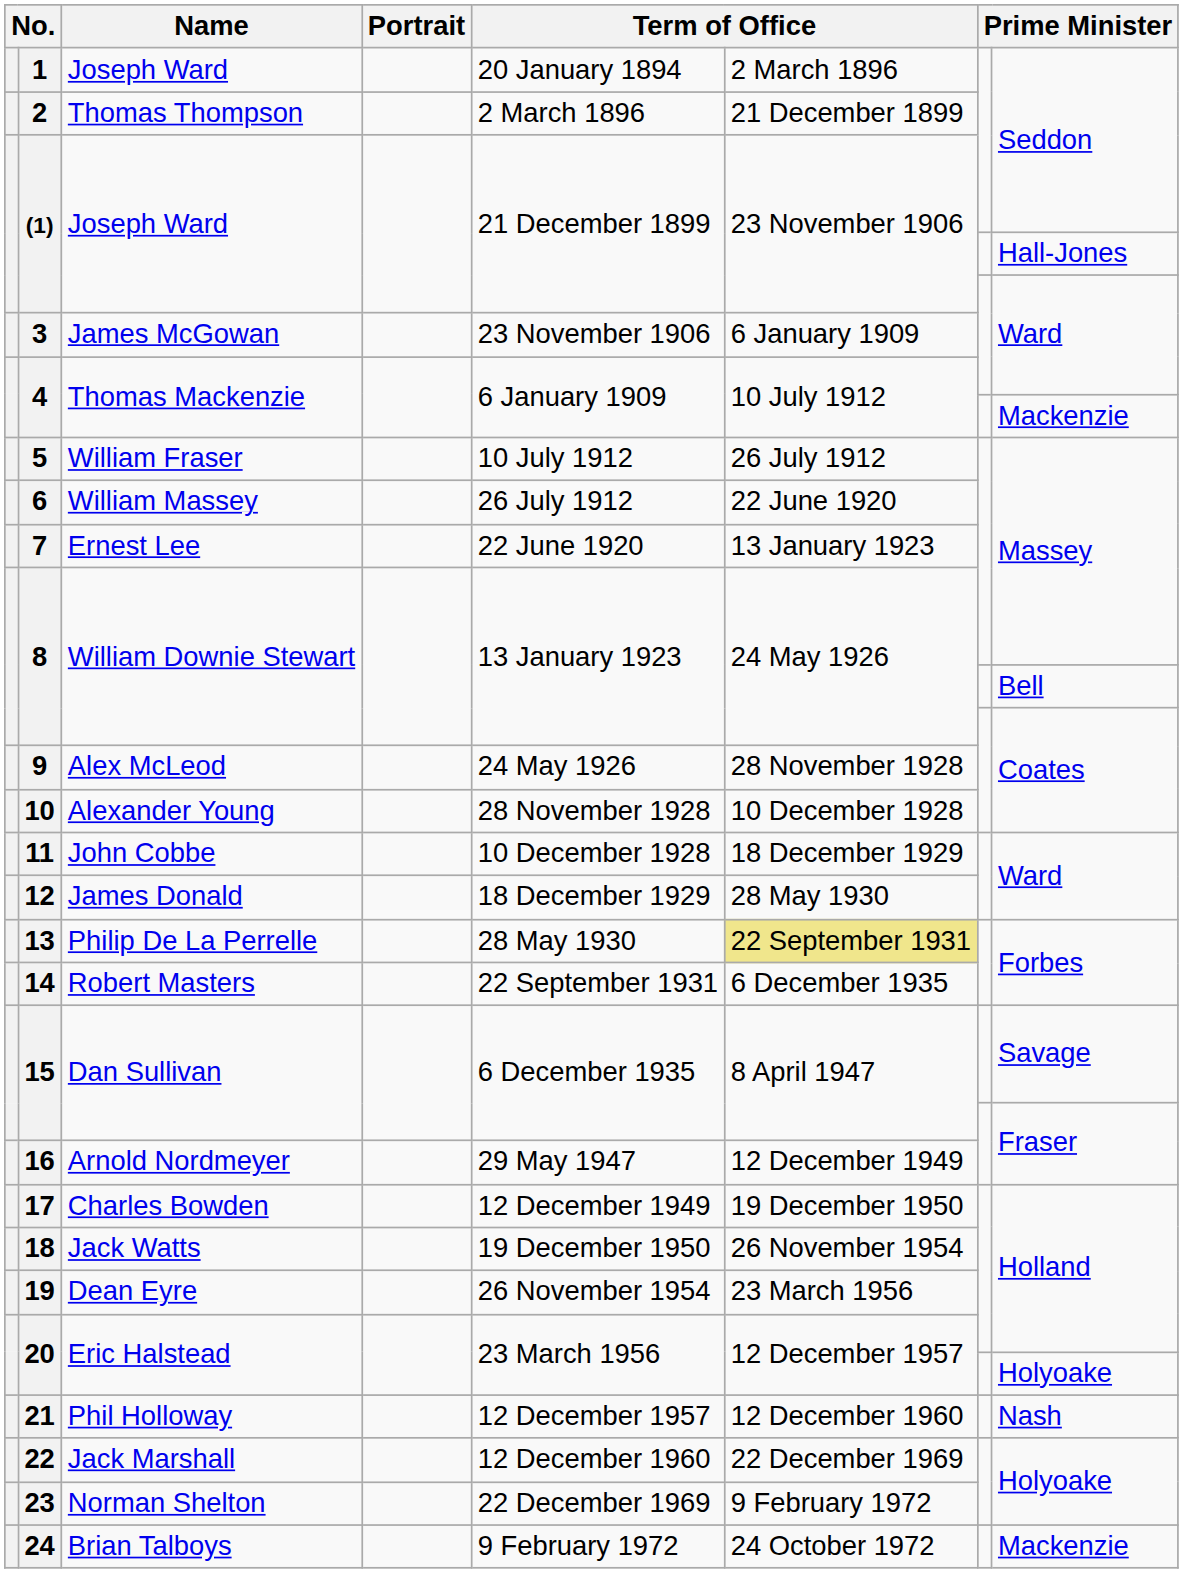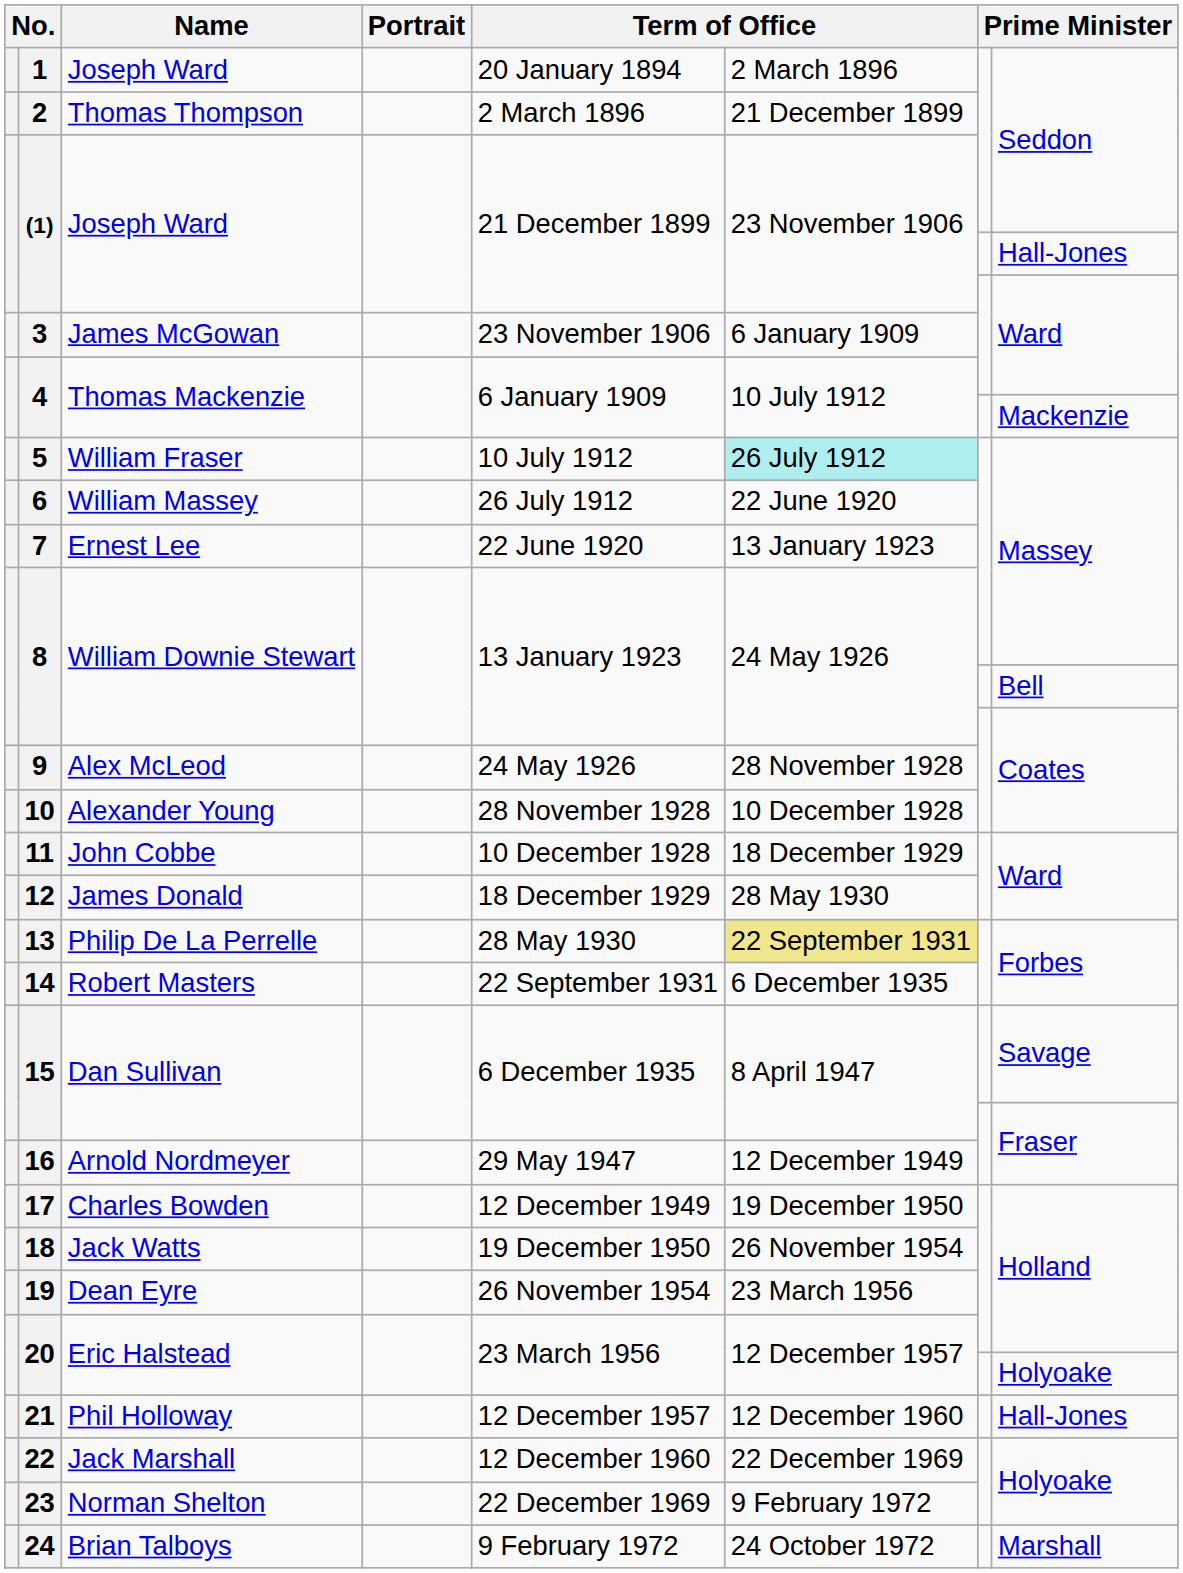 <table class="wikitable">
 <tr>
 <th colspan=2>No.</th>
 <th>Name</th>
 <th>Portrait</th>
 <th colspan=2>Term of Office</th>
 <th colspan=2>Prime Minister</th>
 </tr>
 <tr>
 <th style="color:inherit;background:"></th>
 <th>1</th>
 <td><a href='#'>Joseph Ward</a></td>
 <td></td>
 <td>20 January 1894</td>
 <td>2 March 1896</td>
 <td width=1 rowspan=2 style="border-bottom:solid 0 grey; background:"></td>
 <td rowspan=3><a href='#'>Seddon</a></td>
 </tr>
 <tr>
 <th style="color:inherit;background:"></th>
 <th>2</th>
 <td><a href='#'>Thomas Thompson</a></td>
 <td></td>
 <td>2 March 1896</td>
 <td>21 December 1899</td>
 </tr>
 <tr>
 <th rowspan=3 style="color:inherit;background:"></th>
 <th rowspan=3><small>(1)</small></th>
 <td rowspan=3><a href='#'>Joseph Ward</a></td>
 <td rowspan=3></td>
 <td rowspan=3>21 December 1899</td>
 <td rowspan=3>23 November 1906</td>
 <td height=50 style="border-top:solid 0 grey; background:"></td>
 </tr>
 <tr>
 <td height=15 style="color:inherit;background:"></td>
 <td><a href='#'>Hall-Jones</a></td>
 </tr>
 <tr>
 <td height=15 style="border-bottom:solid 0 grey; background:"></td>
 <td rowspan=3><a href='#'>Ward</a></td>
 </tr>
 <tr>
 <th style="color:inherit;background:"></th>
 <th>3</th>
 <td><a href='#'>James McGowan</a></td>
 <td></td>
 <td>23 November 1906</td>
 <td>6 January 1909</td>
 <td rowspan=2 style="border-top:solid 0 grey; background:"></td>
 </tr>
 <tr>
 <th height=15 style="border-bottom:solid 0 grey; background:"></th>
 <th rowspan=2>4</th>
 <td rowspan=2><a href='#'>Thomas Mackenzie</a></td>
 <td rowspan=2></td>
 <td rowspan=2>6 January 1909</td>
 <td rowspan=2>10 July 1912</td>
 </tr>
 <tr>
 <th height=15 style="border-top:solid 0 grey; background:"></th>
 <td style="color:inherit;background:"></td>
 <td><a href='#'>Mackenzie</a></td>
 </tr>
 <tr>
 <th style="color:inherit;background:"></th>
 <th>5</th>
 <td><a href='#'>William Fraser</a></td>
 <td></td>
 <td>10 July 1912</td>
-<td>26 July 1912</td>
+<td style="background: paleturquoise;">26 July 1912</td>
 <td rowspan=3 style="border-bottom:solid 0 grey; background:"></td>
 <td rowspan=4><a href='#'>Massey</a></td>
 </tr>
 <tr>
 <th style="color:inherit;background:"></th>
 <th>6</th>
 <td><a href='#'>William Massey</a></td>
 <td></td>
 <td>26 July 1912</td>
 <td>22 June 1920</td>
 </tr>
 <tr>
 <th style="color:inherit;background:"></th>
 <th>7</th>
 <td><a href='#'>Ernest Lee</a></td>
 <td></td>
 <td>22 June 1920</td>
 <td>13 January 1923</td>
 </tr>
 <tr>
 <th rowspan=3 style="color:inherit;background:"></th>
 <th rowspan=3>8</th>
 <td rowspan=3><a href='#'>William Downie Stewart</a></td>
 <td rowspan=3></td>
 <td rowspan=3>13 January 1923</td>
 <td rowspan=3>24 May 1926</td>
 <td height=50 style="border-top:solid 0 grey; background:"></td>
 </tr>
 <tr>
 <td height=15 style="color:inherit;background:"></td>
 <td><a href='#'>Bell</a></td>
 </tr>
 <tr>
 <td height=15 style="border-bottom:solid 0 grey; background:"></td>
 <td rowspan=3><a href='#'>Coates</a></td>
 </tr>
 <tr>
 <th style="color:inherit;background:"></th>
 <th>9</th>
 <td><a href='#'>Alex McLeod</a></td>
 <td></td>
 <td>24 May 1926</td>
 <td>28 November 1928</td>
 <td rowspan=2 style="border-top:solid 0 grey; background:"></td>
 </tr>
 <tr>
 <th style="color:inherit;background:"></th>
 <th>10</th>
 <td><a href='#'>Alexander Young</a></td>
 <td></td>
 <td>28 November 1928</td>
 <td>10 December 1928</td>
 </tr>
 <tr>
 <th style="color:inherit;background:"></th>
 <th>11</th>
 <td><a href='#'>John Cobbe</a></td>
 <td></td>
 <td>10 December 1928</td>
 <td>18 December 1929</td>
 <td rowspan=2 style="color:inherit;background:"></td>
 <td rowspan=2><a href='#'>Ward</a></td>
 </tr>
 <tr>
 <th style="color:inherit;background:"></th>
 <th>12</th>
 <td><a href='#'>James Donald</a></td>
 <td></td>
 <td>18 December 1929</td>
 <td>28 May 1930</td>
 </tr>
 <tr>
 <th style="color:inherit;background:"></th>
 <th>13</th>
 <td><a href='#'>Philip De La Perrelle</a></td>
 <td></td>
 <td>28 May 1930</td>
 <td style="background: khaki;">22 September 1931</td>
 <td rowspan=2 style="color:inherit;background:"></td>
 <td rowspan=2><a href='#'>Forbes</a></td>
 </tr>
 <tr>
 <th style="color:inherit;background:"></th>
 <th>14</th>
 <td><a href='#'>Robert Masters</a></td>
 <td></td>
 <td>22 September 1931</td>
 <td>6 December 1935</td>
 </tr>
 <tr>
 <th height=50 style="border-bottom:solid 0 grey; background:"></th>
 <th rowspan=2>15</th>
 <td rowspan=2><a href='#'>Dan Sullivan</a></td>
 <td rowspan=2></td>
 <td rowspan=2>6 December 1935</td>
 <td rowspan=2>8 April 1947</td>
 <td style="color:inherit;background:"></td>
 <td><a href='#'>Savage</a></td>
 </tr>
 <tr>
 <th height=15 style="border-top:solid 0 grey; background:"></th>
 <td style="border-bottom:solid 0 grey; background:"></td>
 <td rowspan=2><a href='#'>Fraser</a></td>
 </tr>
 <tr>
 <th style="color:inherit;background:"></th>
 <th>16</th>
 <td><a href='#'>Arnold Nordmeyer</a></td>
 <td></td>
 <td>29 May 1947</td>
 <td>12 December 1949</td>
 <td style="border-top:solid 0 grey; background:"></td>
 </tr>
 <tr>
 <th style="color:inherit;background:"></th>
 <th>17</th>
 <td><a href='#'>Charles Bowden</a></td>
 <td></td>
 <td>12 December 1949</td>
 <td>19 December 1950</td>
 <td rowspan=4 style="color:inherit;background:"></td>
 <td rowspan=4><a href='#'>Holland</a></td>
 </tr>
 <tr>
 <th style="color:inherit;background:"></th>
 <th>18</th>
 <td><a href='#'>Jack Watts</a></td>
 <td></td>
 <td>19 December 1950</td>
 <td>26 November 1954</td>
 </tr>
 <tr>
 <th style="color:inherit;background:"></th>
 <th>19</th>
 <td><a href='#'>Dean Eyre</a></td>
 <td></td>
 <td>26 November 1954</td>
 <td>23 March 1956</td>
 </tr>
 <tr>
 <th height=15 style="border-bottom:solid 0 grey; background:"></th>
 <th rowspan=2>20</th>
 <td rowspan=2><a href='#'>Eric Halstead</a></td>
 <td rowspan=2></td>
 <td rowspan=2>23 March 1956</td>
 <td rowspan=2>12 December 1957</td>
 </tr>
 <tr>
 <th height=15 style="border-top:solid 0 grey; background:"></th>
 <td style="color:inherit;background:"></td>
 <td><a href='#'>Holyoake</a></td>
 </tr>
 <tr>
 <th style="color:inherit;background:"></th>
 <th>21</th>
 <td><a href='#'>Phil Holloway</a></td>
 <td></td>
 <td>12 December 1957</td>
 <td>12 December 1960</td>
 <td style="color:inherit;background:"></td>
-<td><a href='#'>Nash</a></td>
+<td><a href='#'>Hall-Jones</a></td>
 </tr>
 <tr>
 <th style="color:inherit;background:"></th>
 <th>22</th>
 <td><a href='#'>Jack Marshall</a></td>
 <td></td>
 <td>12 December 1960</td>
 <td>22 December 1969</td>
 <td rowspan=2 style="color:inherit;background:"></td>
 <td rowspan=2><a href='#'>Holyoake</a></td>
 </tr>
 <tr>
 <th style="color:inherit;background:"></th>
 <th>23</th>
 <td><a href='#'>Norman Shelton</a></td>
 <td></td>
 <td>22 December 1969</td>
 <td>9 February 1972</td>
 </tr>
 <tr>
 <th style="color:inherit;background:"></th>
 <th>24</th>
 <td><a href='#'>Brian Talboys</a></td>
 <td></td>
 <td>9 February 1972</td>
 <td>24 October 1972</td>
 <td style="color:inherit;background:"></td>
-<td><a href='#'>Mackenzie</a></td>
+<td><a href='#'>Marshall</a></td>
 </tr>
 </table>
